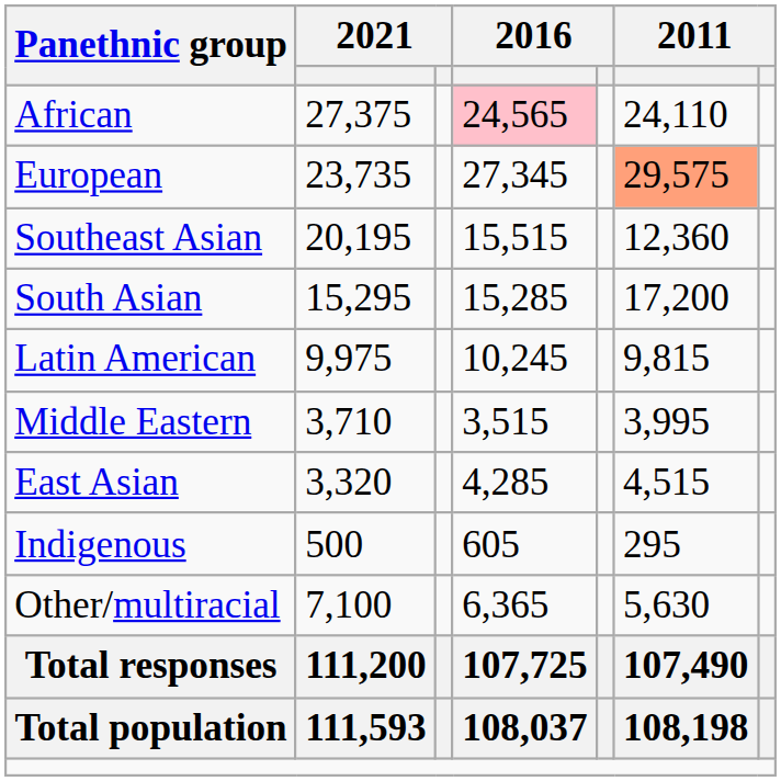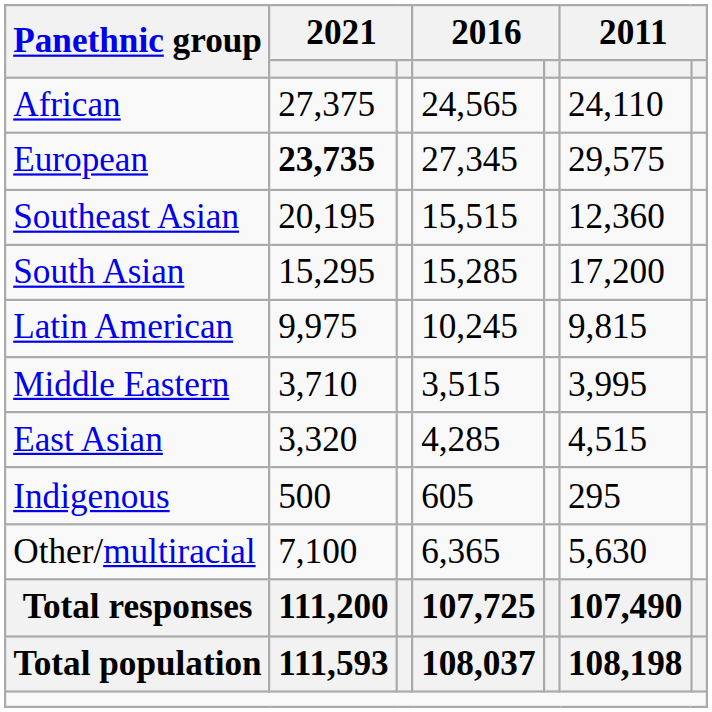 <table class="wikitable collapsible sortable">
 <tr>
 <th rowspan="2"><a href='#'>Panethnic</a> group</th>
 <th colspan="2">2021</th>
 <th colspan="2">2016</th>
 <th colspan="2">2011</th>
 </tr>
 <tr>
 <th><a href='#'></a></th>
 <th></th>
 <th></th>
 <th></th>
 <th></th>
 <th></th>
 </tr>
 <tr>
 <td><a href='#'>African</a></td>
 <td>27,375</td>
 <td></td>
-<td style="background: pink;">24,565</td>
+<td>24,565</td>
 <td></td>
 <td>24,110</td>
 <td></td>
 </tr>
 <tr>
 <td><a href='#'>European</a></td>
-<td>23,735</td>
+<td><strong>23,735</strong></td>
 <td></td>
 <td>27,345</td>
 <td></td>
-<td style="background: lightsalmon;">29,575</td>
+<td>29,575</td>
 <td></td>
 </tr>
 <tr>
 <td><a href='#'>Southeast Asian</a></td>
 <td>20,195</td>
 <td></td>
 <td>15,515</td>
 <td></td>
 <td>12,360</td>
 <td></td>
 </tr>
 <tr>
 <td><a href='#'>South Asian</a></td>
 <td>15,295</td>
 <td></td>
 <td>15,285</td>
 <td></td>
 <td>17,200</td>
 <td></td>
 </tr>
 <tr>
 <td><a href='#'>Latin American</a></td>
 <td>9,975</td>
 <td></td>
 <td>10,245</td>
 <td></td>
 <td>9,815</td>
 <td></td>
 </tr>
 <tr>
 <td><a href='#'>Middle Eastern</a></td>
 <td>3,710</td>
 <td></td>
 <td>3,515</td>
 <td></td>
 <td>3,995</td>
 <td></td>
 </tr>
 <tr>
 <td><a href='#'>East Asian</a></td>
 <td>3,320</td>
 <td></td>
 <td>4,285</td>
 <td></td>
 <td>4,515</td>
 <td></td>
 </tr>
 <tr>
 <td><a href='#'>Indigenous</a></td>
 <td>500</td>
 <td></td>
 <td>605</td>
 <td></td>
 <td>295</td>
 <td></td>
 </tr>
 <tr>
 <td>Other/<a href='#'>multiracial</a></td>
 <td>7,100</td>
 <td></td>
 <td>6,365</td>
 <td></td>
 <td>5,630</td>
 <td></td>
 </tr>
 <tr>
 <th>Total responses</th>
 <th>111,200</th>
 <th></th>
 <th>107,725</th>
 <th></th>
 <th>107,490</th>
 <th></th>
 </tr>
 <tr class="sortbottom">
 <th>Total population</th>
 <th>111,593</th>
 <th></th>
 <th>108,037</th>
 <th></th>
 <th>108,198</th>
 <th></th>
 </tr>
 <tr class="sortbottom">
 <td colspan="15"></td>
 </tr>
 </table>
